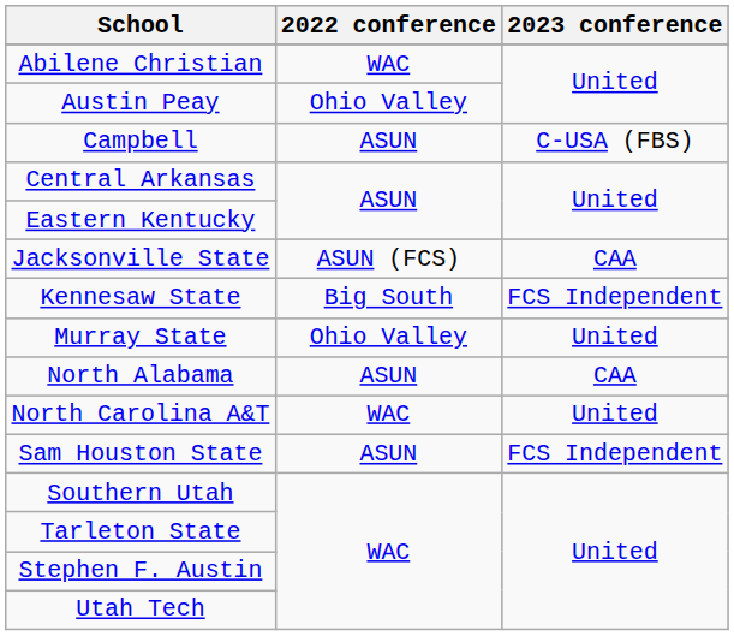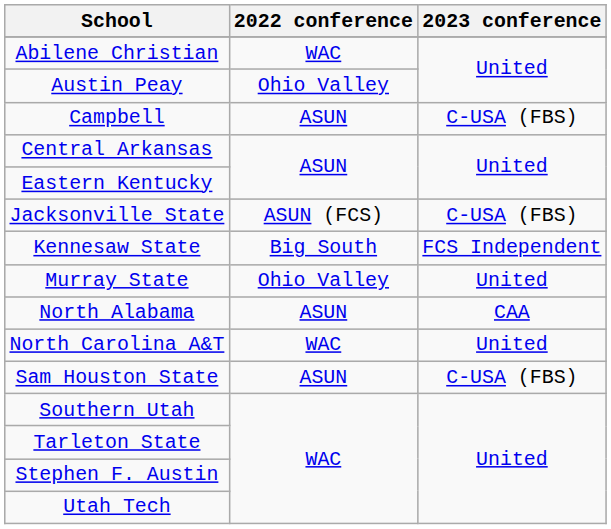 <table class="wikitable sortable">
 <tr>
 <th>School</th>
 <th>2022 conference</th>
 <th>2023 conference</th>
 </tr>
 <tr>
 </tr>
 <tr style="text-align:center;">
 </tr>
 <tr>
 </tr>
 <tr style="text-align:center;">
 <td><a href='#'>Abilene Christian</a></td>
 <td><a href='#'>WAC</a></td>
 <td rowspan="2"><a href='#'>United</a></td>
 </tr>
 <tr style="text-align:center;">
 <td><a href='#'>Austin Peay</a></td>
 <td><a href='#'>Ohio Valley</a></td>
 </tr>
 <tr style="text-align:center;">
 <td><a href='#'>Campbell</a></td>
 <td><a href='#'>ASUN</a></td>
 <td><a href='#'>C-USA</a> (FBS)</td>
 </tr>
 <tr style="text-align:center;">
 <td><a href='#'>Central Arkansas</a></td>
 <td rowspan="2"><a href='#'>ASUN</a></td>
 <td rowspan="2"><a href='#'>United</a></td>
 </tr>
 <tr style="text-align:center;">
 <td><a href='#'>Eastern Kentucky</a></td>
 </tr>
 <tr style="text-align:center;">
 <td><a href='#'>Jacksonville State</a></td>
 <td><a href='#'>ASUN</a> (FCS)</td>
-<td><a href='#'>CAA</a></td>
+<td><a href='#'>C-USA</a> (FBS)</td>
 </tr>
 <tr style="text-align:center;">
 <td><a href='#'>Kennesaw State</a></td>
 <td><a href='#'>Big South</a></td>
 <td><a href='#'>FCS Independent</a></td>
 </tr>
 <tr style="text-align:center;">
 <td><a href='#'>Murray State</a></td>
 <td><a href='#'>Ohio Valley</a></td>
 <td><a href='#'>United</a></td>
 </tr>
 <tr style="text-align:center;">
 <td><a href='#'>North Alabama</a></td>
 <td><a href='#'>ASUN</a></td>
 <td><a href='#'>CAA</a></td>
 </tr>
 <tr style="text-align:center;">
 <td><a href='#'>North Carolina A&T</a></td>
 <td><a href='#'>WAC</a></td>
 <td><a href='#'>United</a></td>
 </tr>
 <tr style="text-align:center;">
 <td><a href='#'>Sam Houston State</a></td>
 <td><a href='#'>ASUN</a></td>
-<td><a href='#'>FCS Independent</a></td>
+<td><a href='#'>C-USA</a> (FBS)</td>
 </tr>
 <tr style="text-align:center;">
 <td><a href='#'>Southern Utah</a></td>
 <td rowspan="4"><a href='#'>WAC</a></td>
 <td rowspan="4"><a href='#'>United</a></td>
 </tr>
 <tr style="text-align:center;">
 <td><a href='#'>Tarleton State</a></td>
 </tr>
 <tr style="text-align:center;">
 <td><a href='#'>Stephen F. Austin</a></td>
 </tr>
 <tr style="text-align:center;">
 <td><a href='#'>Utah Tech</a></td>
 </tr>
 </table>
